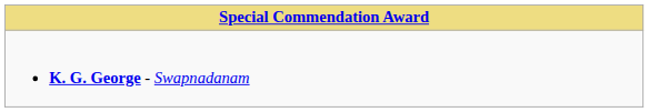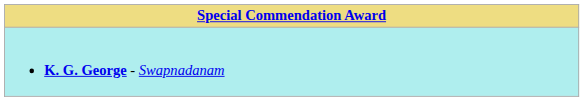 <table class="wikitable" width=50% |>
 <tr>
 <th !  style="background:#eedd82; text-align:center; width:50%;"><a href='#'>Special Commendation Award</a></th>
 </tr>
 <tr>
-<td valign="top"><br><ul><li><strong><a href='#'>K. G. George</a></strong> - <em><a href='#'>Swapnadanam</a></em></li></ul></td>
+<td valign="top" style="background: paleturquoise;"><br><ul><li><strong><a href='#'>K. G. George</a></strong> - <em><a href='#'>Swapnadanam</a></em></li></ul></td>
 </tr>
 </table>
